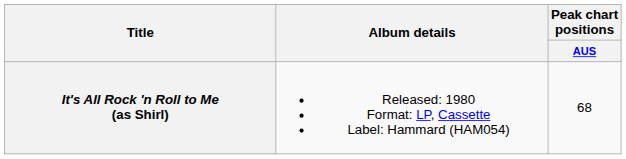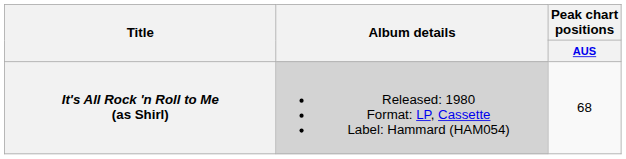 <table class="wikitable plainrowheaders" style="text-align:center;" border="1">
 <tr>
 <th scope="col" rowspan="2" style="width:20em;">Title</th>
 <th scope="col" rowspan="2" style="width:20em;">Album details</th>
 <th scope="col" colspan="1">Peak chart<br>positions</th>
 </tr>
 <tr>
 <th scope="col" style="text-align:center;"><small><a href='#'>AUS</a></small><br></th>
 </tr>
 <tr>
 <th scope="row"><em>It's All Rock 'n Roll to Me</em> <br>(as Shirl)</th>
-<td><br><ul><li>Released: 1980</li><li>Format: <a href='#'>LP</a>, <a href='#'>Cassette</a></li><li>Label: Hammard (HAM054)</li></ul></td>
+<td style="background: lightgrey;"><br><ul><li>Released: 1980</li><li>Format: <a href='#'>LP</a>, <a href='#'>Cassette</a></li><li>Label: Hammard (HAM054)</li></ul></td>
 <td align="center">68</td>
 </tr>
 </table>
